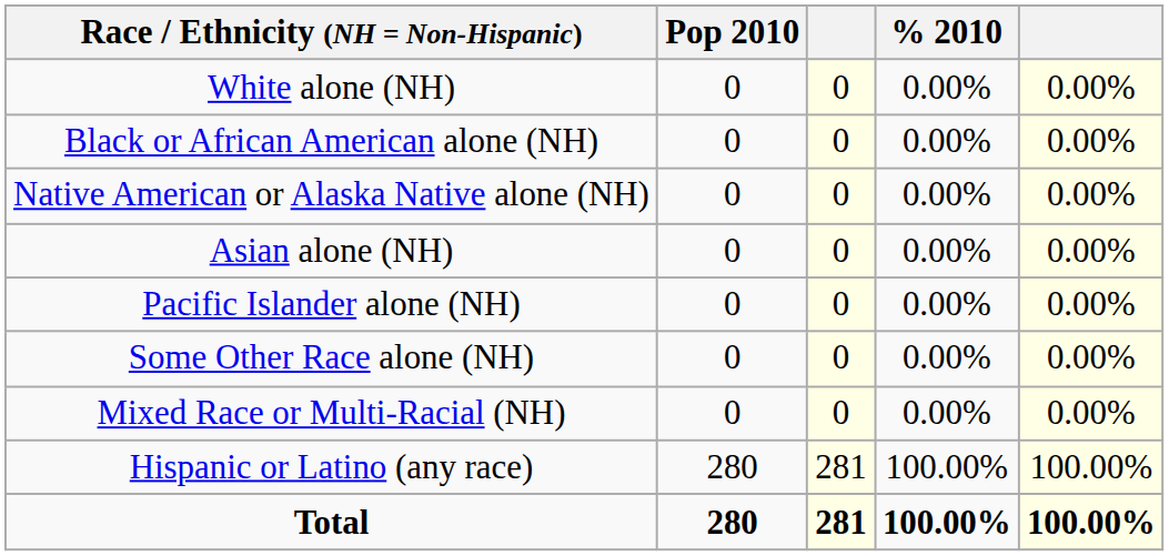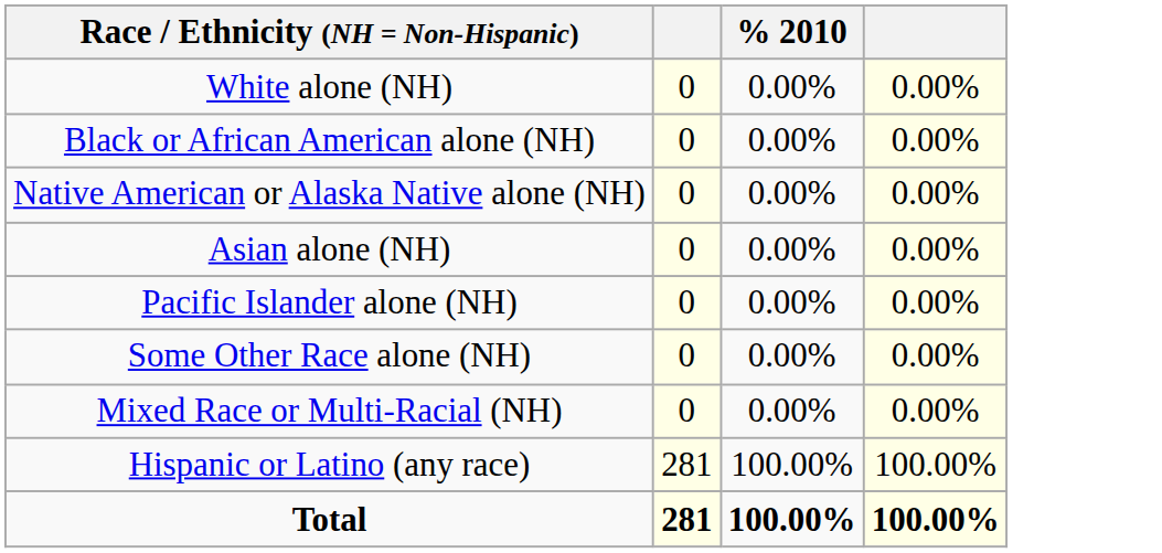 <table class="wikitable" style="text-align:center;">
 <tr>
 <th>Race / Ethnicity <small>(<em>NH = Non-Hispanic</em>)</small></th>
-<th>Pop 2010</th>
 <th></th>
 <th>% 2010</th>
 <th></th>
 </tr>
 <tr>
 <td><a href='#'>White</a> alone (NH)</td>
-<td>0</td>
 <td style='background: #ffffe6;'>0</td>
 <td>0.00%</td>
 <td style='background: #ffffe6;'>0.00%</td>
 </tr>
 <tr>
 <td><a href='#'>Black or African American</a> alone (NH)</td>
-<td>0</td>
 <td style='background: #ffffe6;'>0</td>
 <td>0.00%</td>
 <td style='background: #ffffe6;'>0.00%</td>
 </tr>
 <tr>
 <td><a href='#'>Native American</a> or <a href='#'>Alaska Native</a> alone (NH)</td>
-<td>0</td>
 <td style='background: #ffffe6;'>0</td>
 <td>0.00%</td>
 <td style='background: #ffffe6;'>0.00%</td>
 </tr>
 <tr>
 <td><a href='#'>Asian</a> alone (NH)</td>
-<td>0</td>
 <td style='background: #ffffe6;'>0</td>
 <td>0.00%</td>
 <td style='background: #ffffe6;'>0.00%</td>
 </tr>
 <tr>
 <td><a href='#'>Pacific Islander</a> alone (NH)</td>
-<td>0</td>
 <td style='background: #ffffe6;'>0</td>
 <td>0.00%</td>
 <td style='background: #ffffe6;'>0.00%</td>
 </tr>
 <tr>
 <td><a href='#'>Some Other Race</a> alone (NH)</td>
-<td>0</td>
 <td style='background: #ffffe6;'>0</td>
 <td>0.00%</td>
 <td style='background: #ffffe6;'>0.00%</td>
 </tr>
 <tr>
 <td><a href='#'>Mixed Race or Multi-Racial</a> (NH)</td>
-<td>0</td>
 <td style='background: #ffffe6;'>0</td>
 <td>0.00%</td>
 <td style='background: #ffffe6;'>0.00%</td>
 </tr>
 <tr>
 <td><a href='#'>Hispanic or Latino</a> (any race)</td>
-<td>280</td>
 <td style='background: #ffffe6;'>281</td>
 <td>100.00%</td>
 <td style='background: #ffffe6;'>100.00%</td>
 </tr>
 <tr>
 <td><strong>Total</strong></td>
-<td><strong>280</strong></td>
 <td style='background: #ffffe6;'><strong>281</strong></td>
 <td><strong>100.00%</strong></td>
 <td style='background: #ffffe6;'><strong>100.00%</strong></td>
 </tr>
 </table>
